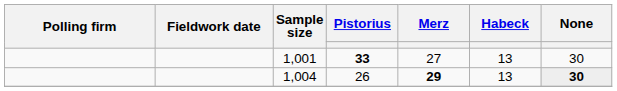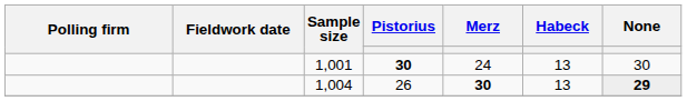 <table class="wikitable sortable mw-datatable" style="text-align:center;font-size:90%;line-height:14px;">
 <tr style="height:40px;">
 <th style="width:155px;" rowspan="2">Polling firm</th>
 <th style="width:120px;" rowspan="2">Fieldwork date</th>
 <th style="width: 35px;" rowspan="2">Sample<br>size</th>
 <th class="unsortable" style="width:70px;"><a href='#'>Pistorius</a><br></th>
 <th class="unsortable" style="width:70px;"><a href='#'>Merz</a><br></th>
 <th class="unsortable" style="width:70px;"><a href='#'>Habeck</a><br></th>
 <th class="unsortable" style="width:70px;">None</th>
 </tr>
 <tr>
 <th style="background:"></th>
 <th style="background:"></th>
 <th style="background:"></th>
 <th style="background:"></th>
 </tr>
 <tr>
 <td></td>
 <td></td>
 <td>1,001</td>
-<td><strong>33</strong></td>
-<td>27</td>
+<td><strong>30</strong></td>
+<td>24</td>
 <td>13</td>
 <td>30</td>
 </tr>
 <tr>
 <td></td>
 <td></td>
 <td>1,004</td>
 <td>26</td>
-<td><strong>29</strong></td>
+<td><strong>30</strong></td>
 <td>13</td>
-<td style="background:#EEEEEE;"><strong>30</strong></td>
+<td style="background:#EEEEEE;"><strong>29</strong></td>
 </tr>
 <tr>
 </tr>
 </table>
